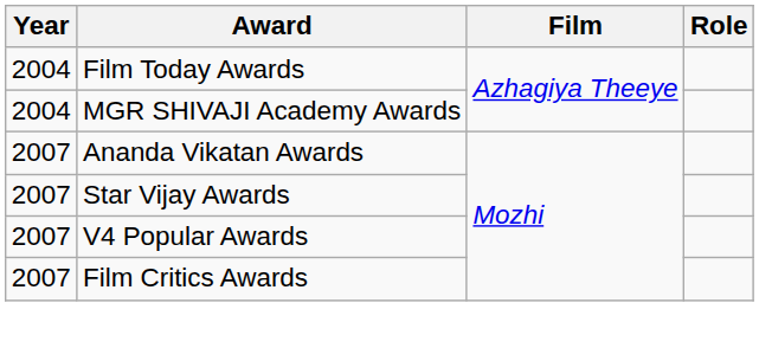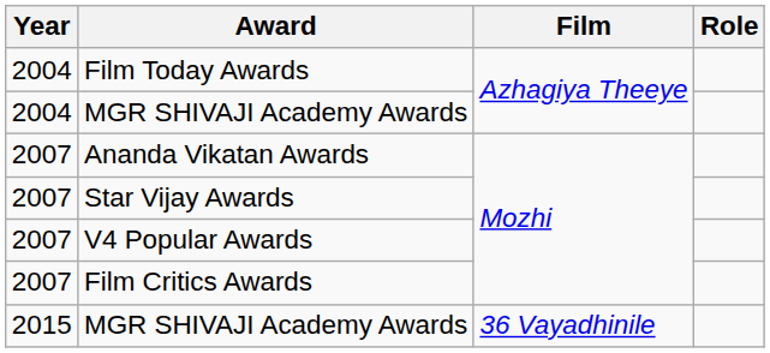 <table class="wikitable sortable">
 <tr>
 <th>Year</th>
 <th>Award</th>
 <th>Film</th>
 <th>Role</th>
 </tr>
 <tr>
 <td>2004</td>
 <td>Film Today Awards</td>
 <td rowspan=2><em><a href='#'>Azhagiya Theeye</a></em></td>
 <td></td>
 </tr>
 <tr>
 <td>2004</td>
 <td>MGR SHIVAJI Academy Awards</td>
 <td></td>
 </tr>
 <tr>
 <td>2007</td>
 <td>Ananda Vikatan Awards</td>
 <td rowspan="4"><em><a href='#'>Mozhi</a></em></td>
 <td></td>
 </tr>
 <tr>
 <td>2007</td>
 <td>Star Vijay Awards </td>
 <td></td>
 </tr>
 <tr>
 <td>2007</td>
 <td>V4 Popular Awards</td>
 <td></td>
 </tr>
 <tr>
 <td>2007</td>
 <td>Film Critics Awards</td>
 <td></td>
 </tr>
+<tr>
+<td>2015</td>
+<td>MGR SHIVAJI Academy Awards</td>
+<td><em><a href='#'>36 Vayadhinile</a></em></td>
+<td></td>
+</tr>
 </table>
